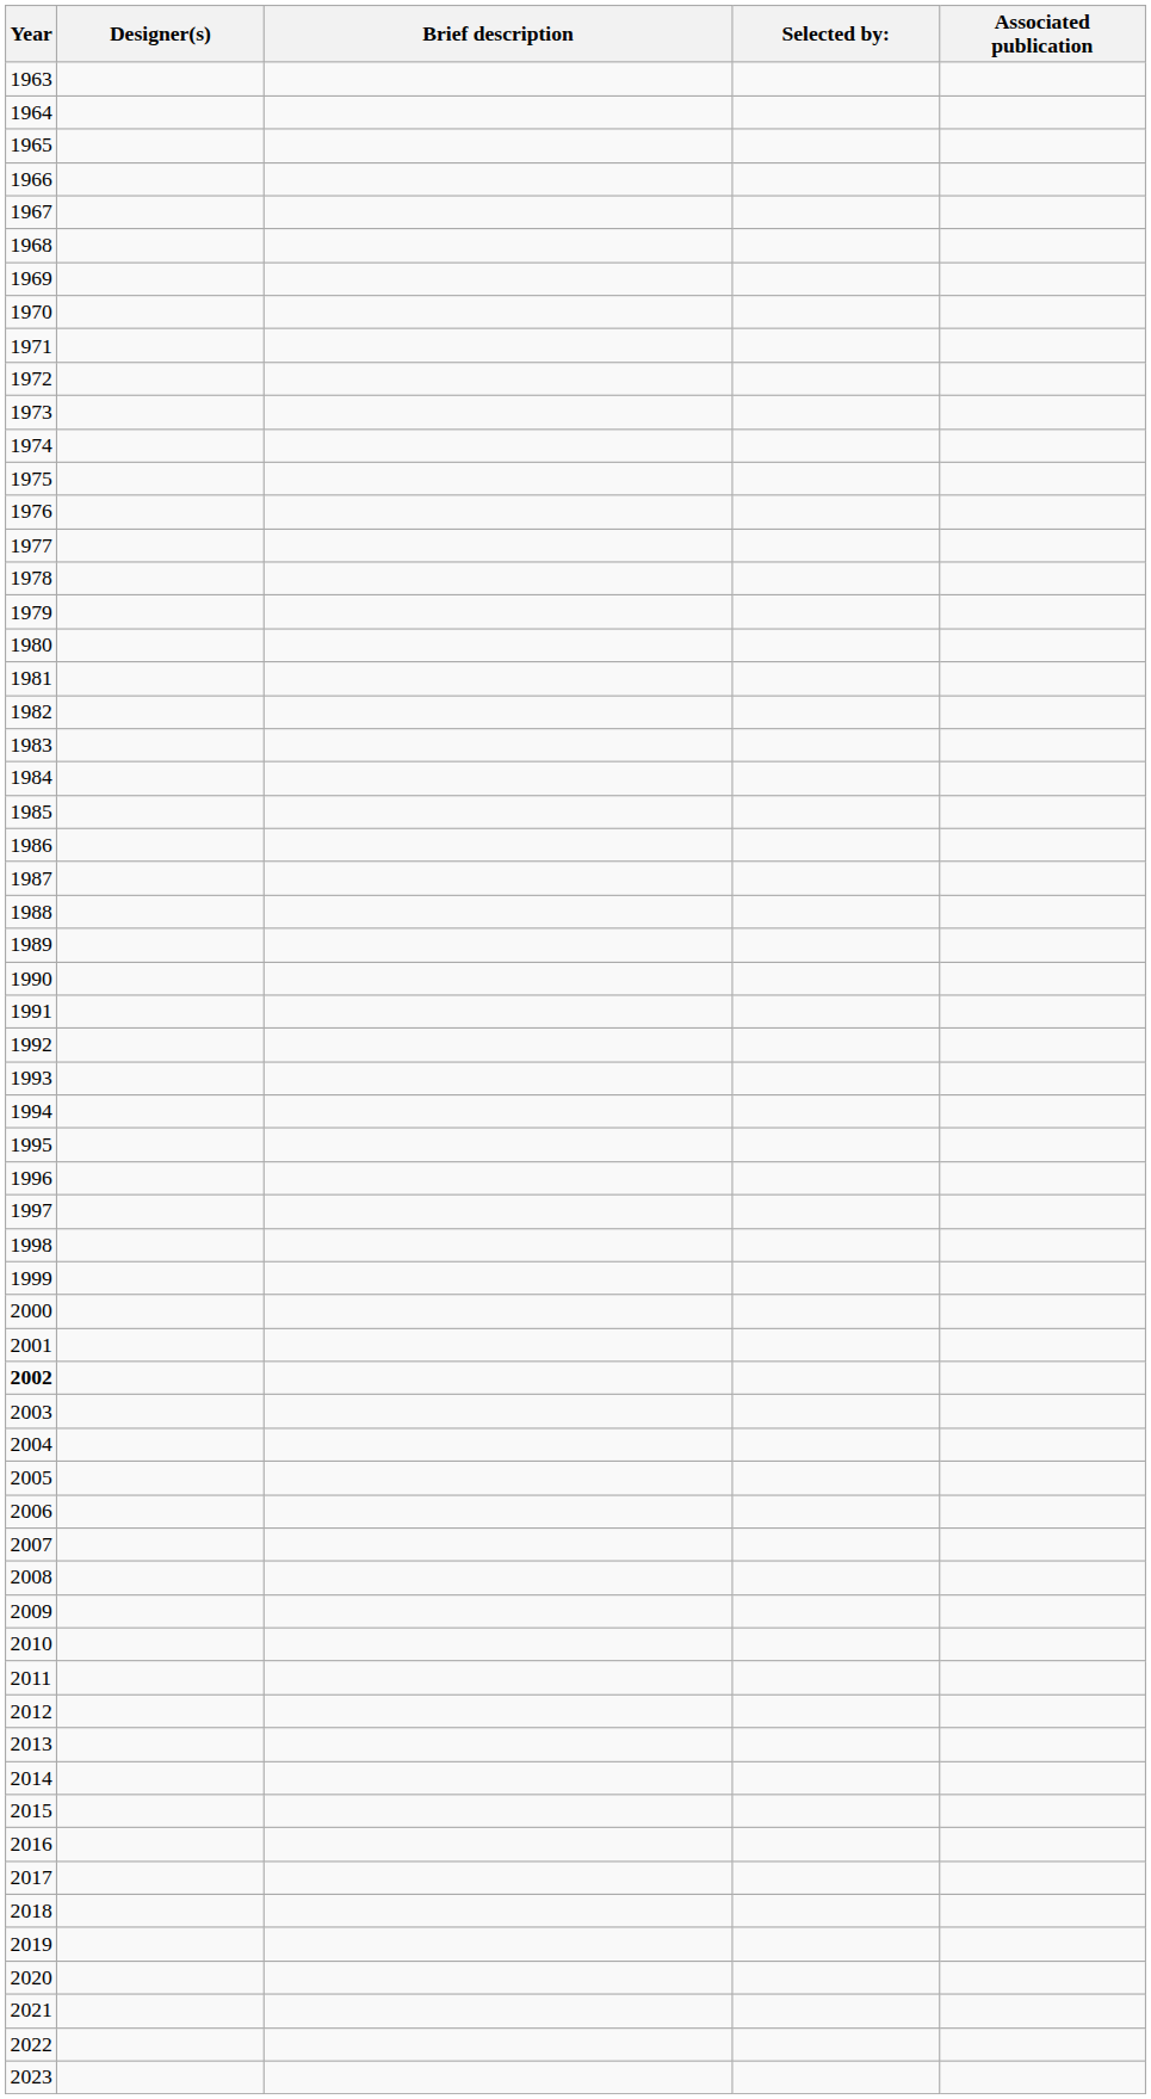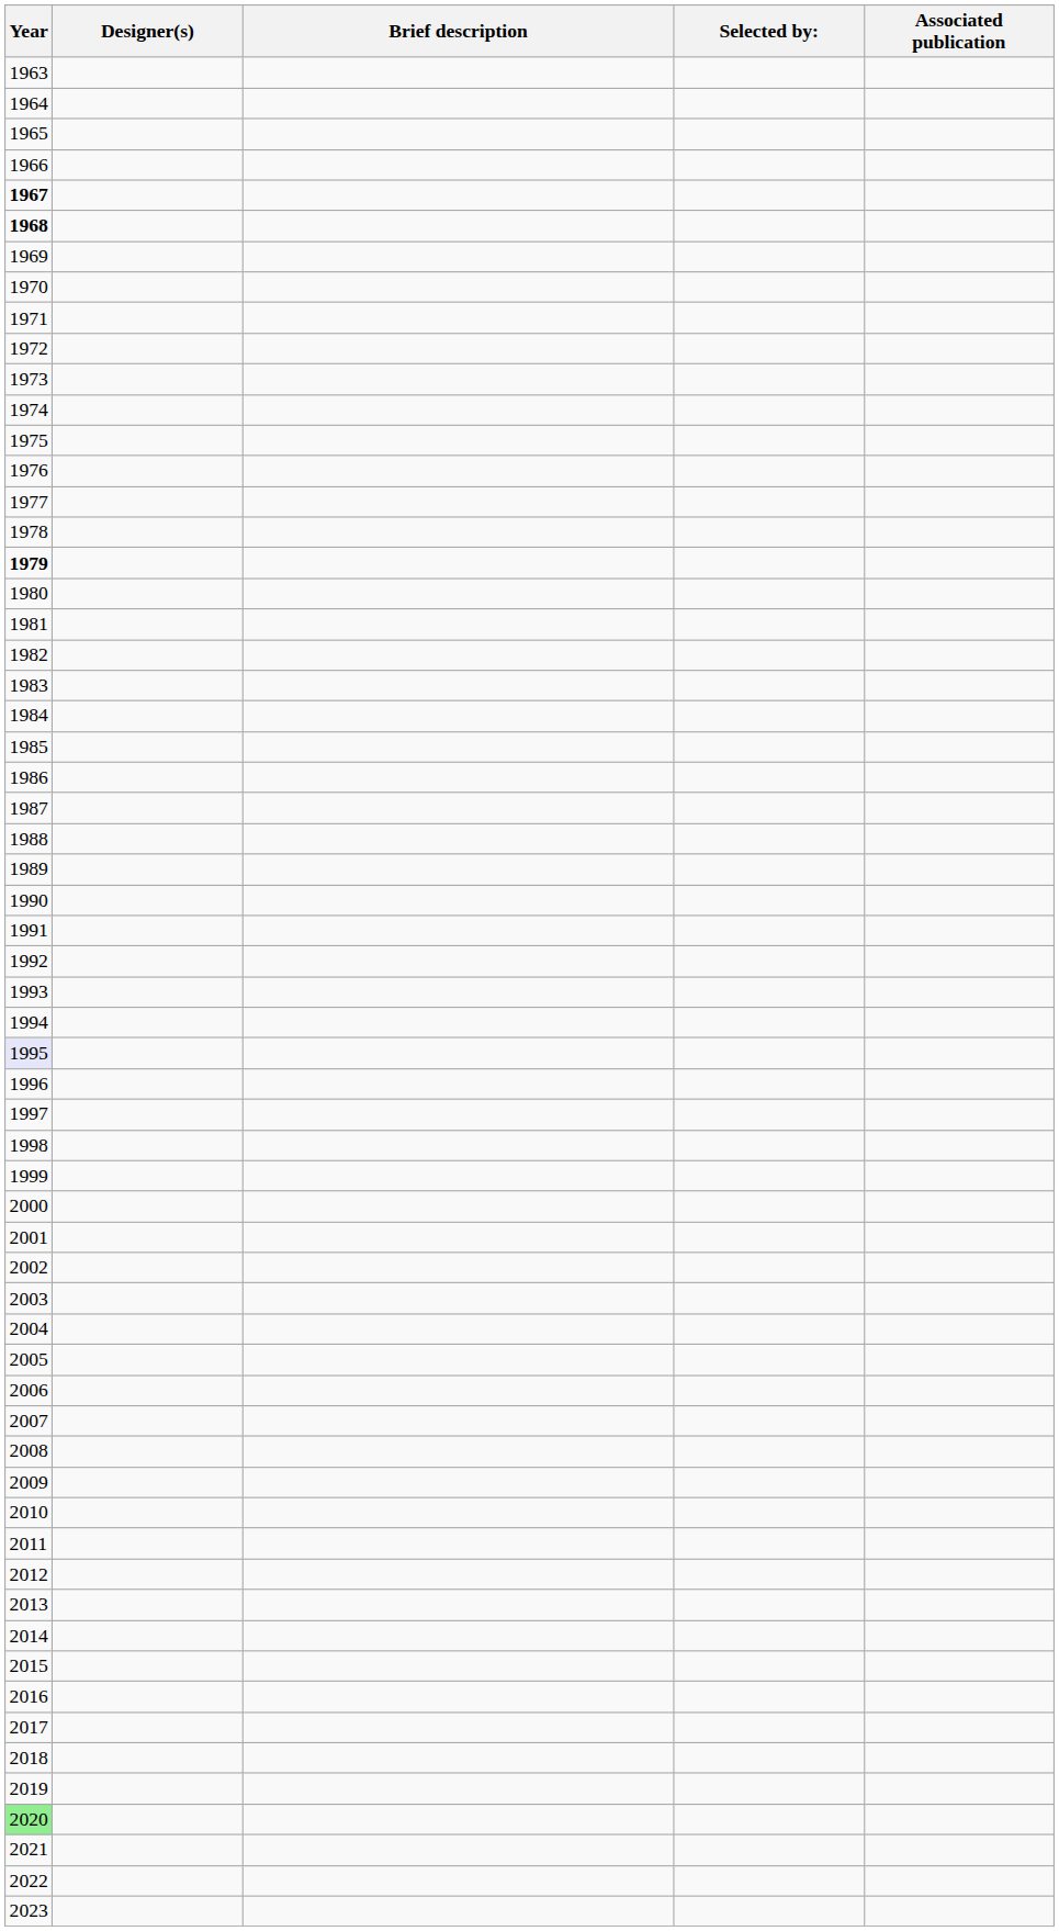 <table class="wikitable">
 <tr>
 <th style="width:10px;">Year</th>
 <th style="width:150px;">Designer(s)</th>
 <th style="width:350px;">Brief description</th>
 <th style="width:150px;">Selected by:</th>
 <th style="width:150px;">Associated publication</th>
 </tr>
 <tr>
 <td>1963</td>
 <td><br></td>
 <td><br></td>
 <td><br></td>
 <td></td>
 </tr>
 <tr>
 <td>1964</td>
 <td><br></td>
 <td><br></td>
 <td><br></td>
 <td></td>
 </tr>
 <tr>
 <td>1965</td>
 <td><br></td>
 <td><br></td>
 <td><br></td>
 <td></td>
 </tr>
 <tr>
 <td>1966</td>
 <td><br></td>
 <td><br></td>
 <td><br></td>
 <td><br></td>
 </tr>
 <tr>
-<td>1967</td>
+<td><strong>1967</strong></td>
 <td><br></td>
 <td><br></td>
 <td><br></td>
 <td><br></td>
 </tr>
 <tr>
-<td>1968</td>
+<td><strong>1968</strong></td>
 <td><br></td>
 <td><br></td>
 <td><br></td>
 <td><br></td>
 </tr>
 <tr>
 <td>1969</td>
 <td><br></td>
 <td><br></td>
 <td><br></td>
 <td><br></td>
 </tr>
 <tr>
 <td>1970</td>
 <td><br></td>
 <td><br></td>
 <td><br></td>
 <td><br></td>
 </tr>
 <tr>
 <td>1971</td>
 <td><br></td>
 <td><br></td>
 <td><br></td>
 <td><br></td>
 </tr>
 <tr>
 <td>1972</td>
 <td><br></td>
 <td><br></td>
 <td><br></td>
 <td><br></td>
 </tr>
 <tr>
 <td>1973</td>
 <td><br></td>
 <td><br></td>
 <td><br></td>
 <td><br></td>
 </tr>
 <tr>
 <td>1974</td>
 <td><br></td>
 <td><br></td>
 <td><br></td>
 <td><br></td>
 </tr>
 <tr>
 <td>1975</td>
 <td><br></td>
 <td><br></td>
 <td><br></td>
 <td><br></td>
 </tr>
 <tr>
 <td>1976</td>
 <td><br></td>
 <td><br></td>
 <td><br></td>
 <td><br></td>
 </tr>
 <tr>
 <td>1977</td>
 <td><br></td>
 <td><br></td>
 <td><br></td>
 <td><br></td>
 </tr>
 <tr>
 <td>1978</td>
 <td><br></td>
 <td><br></td>
 <td><br></td>
 <td><br></td>
 </tr>
 <tr>
-<td>1979</td>
+<td><strong>1979</strong></td>
 <td><br></td>
 <td><br></td>
 <td><br></td>
 <td><br></td>
 </tr>
 <tr>
 <td>1980</td>
 <td><br></td>
 <td><br></td>
 <td><br></td>
 <td><br></td>
 </tr>
 <tr>
 <td>1981</td>
 <td><br></td>
 <td><br></td>
 <td><br></td>
 <td><br></td>
 </tr>
 <tr>
 <td>1982</td>
 <td><br></td>
 <td><br></td>
 <td><br></td>
 <td><br></td>
 </tr>
 <tr>
 <td>1983</td>
 <td><br></td>
 <td><br></td>
 <td><br></td>
 <td><br></td>
 </tr>
 <tr>
 <td>1984</td>
 <td><br></td>
 <td><br></td>
 <td><br></td>
 <td><br></td>
 </tr>
 <tr>
 <td>1985</td>
 <td><br></td>
 <td><br></td>
 <td><br></td>
 <td><br></td>
 </tr>
 <tr>
 <td>1986</td>
 <td><br></td>
 <td><br></td>
 <td><br></td>
 <td><br></td>
 </tr>
 <tr>
 <td>1987</td>
 <td><br></td>
 <td><br></td>
 <td><br></td>
 <td><br></td>
 </tr>
 <tr>
 <td>1988</td>
 <td><br></td>
 <td><br></td>
 <td><br></td>
 <td><br></td>
 </tr>
 <tr>
 <td>1989</td>
 <td><br></td>
 <td><br></td>
 <td><br></td>
 <td><br></td>
 </tr>
 <tr>
 <td>1990</td>
 <td><br></td>
 <td><br></td>
 <td><br></td>
 <td><br></td>
 </tr>
 <tr>
 <td>1991</td>
 <td><br></td>
 <td><br></td>
 <td><br></td>
 <td><br></td>
 </tr>
 <tr>
 <td>1992</td>
 <td><br></td>
 <td><br></td>
 <td><br></td>
 <td><br></td>
 </tr>
 <tr>
 <td>1993</td>
 <td><br></td>
 <td><br></td>
 <td><br></td>
 <td><br></td>
 </tr>
 <tr>
 <td>1994</td>
 <td><br></td>
 <td><br></td>
 <td><br></td>
 <td><br></td>
 </tr>
 <tr>
-<td>1995</td>
+<td style="background: lavender;">1995</td>
 <td><br></td>
 <td><br></td>
 <td><br></td>
 <td><br></td>
 </tr>
 <tr>
 <td>1996</td>
 <td><br></td>
 <td><br></td>
 <td><br></td>
 <td><br></td>
 </tr>
 <tr>
 <td>1997</td>
 <td><br></td>
 <td><br></td>
 <td><br></td>
 <td><br></td>
 </tr>
 <tr>
 <td>1998</td>
 <td><br></td>
 <td><br></td>
 <td><br></td>
 <td><br></td>
 </tr>
 <tr>
 <td>1999</td>
 <td><br></td>
 <td><br></td>
 <td><br></td>
 <td><br></td>
 </tr>
 <tr>
 <td>2000</td>
 <td><br></td>
 <td><br></td>
 <td><br></td>
 <td><br></td>
 </tr>
 <tr>
 <td>2001</td>
 <td><br></td>
 <td><br></td>
 <td><br></td>
 <td><br></td>
 </tr>
 <tr>
-<td><strong>2002</strong></td>
+<td>2002</td>
 <td><br></td>
 <td><br></td>
 <td><br></td>
 <td><br></td>
 </tr>
 <tr>
 <td>2003</td>
 <td><br></td>
 <td><br></td>
 <td><br></td>
 <td><br></td>
 </tr>
 <tr>
 <td>2004</td>
 <td><br></td>
 <td><br></td>
 <td><br></td>
 <td><br></td>
 </tr>
 <tr>
 <td>2005</td>
 <td><br></td>
 <td><br></td>
 <td><br></td>
 <td><br></td>
 </tr>
 <tr>
 <td>2006</td>
 <td><br></td>
 <td><br></td>
 <td><br></td>
 <td></td>
 </tr>
 <tr>
 <td>2007</td>
 <td><br></td>
 <td><br></td>
 <td><br></td>
 <td></td>
 </tr>
 <tr>
 <td>2008</td>
 <td><br></td>
 <td><br></td>
 <td><br></td>
 <td><br></td>
 </tr>
 <tr>
 <td>2009</td>
 <td><br></td>
 <td><br></td>
 <td><br></td>
 <td><br></td>
 </tr>
 <tr>
 <td>2010</td>
 <td><br></td>
 <td><br></td>
 <td><br></td>
 <td></td>
 </tr>
 <tr>
 <td>2011</td>
 <td><br></td>
 <td><br></td>
 <td><br></td>
 <td><br></td>
 </tr>
 <tr>
 <td>2012</td>
 <td><br></td>
 <td><br></td>
 <td><br></td>
 <td><br></td>
 </tr>
 <tr>
 <td>2013</td>
 <td><br></td>
 <td><br></td>
 <td><br></td>
 <td><br></td>
 </tr>
 <tr>
 <td>2014</td>
 <td><br></td>
 <td><br></td>
 <td><br></td>
 <td><br></td>
 </tr>
 <tr>
 <td>2015</td>
 <td><br></td>
 <td><br></td>
 <td><br></td>
 <td><br></td>
 </tr>
 <tr>
 <td>2016</td>
 <td><br></td>
 <td><br></td>
 <td><br></td>
 <td><br></td>
 </tr>
 <tr>
 <td>2017</td>
 <td><br></td>
 <td><br></td>
 <td><br></td>
 <td><br></td>
 </tr>
 <tr>
 <td>2018</td>
 <td><br></td>
 <td><br></td>
 <td><br></td>
 <td><br></td>
 </tr>
 <tr>
 <td>2019</td>
 <td><br></td>
 <td><br></td>
 <td><br></td>
 <td><br></td>
 </tr>
 <tr>
-<td>2020</td>
+<td style="background: lightgreen;">2020</td>
 <td><br></td>
 <td><br></td>
 <td><br></td>
 <td></td>
 </tr>
 <tr>
 <td>2021</td>
 <td><br></td>
 <td><br></td>
 <td><br></td>
 <td><br></td>
 </tr>
 <tr>
 <td>2022</td>
 <td><br></td>
 <td><br></td>
 <td><br></td>
 <td><br></td>
 </tr>
 <tr>
 <td>2023</td>
 <td><br></td>
 <td><br></td>
 <td><br></td>
 <td></td>
 </tr>
 </table>
